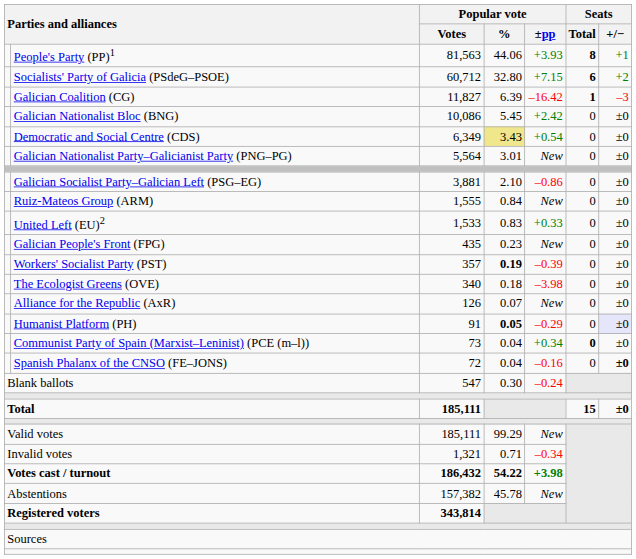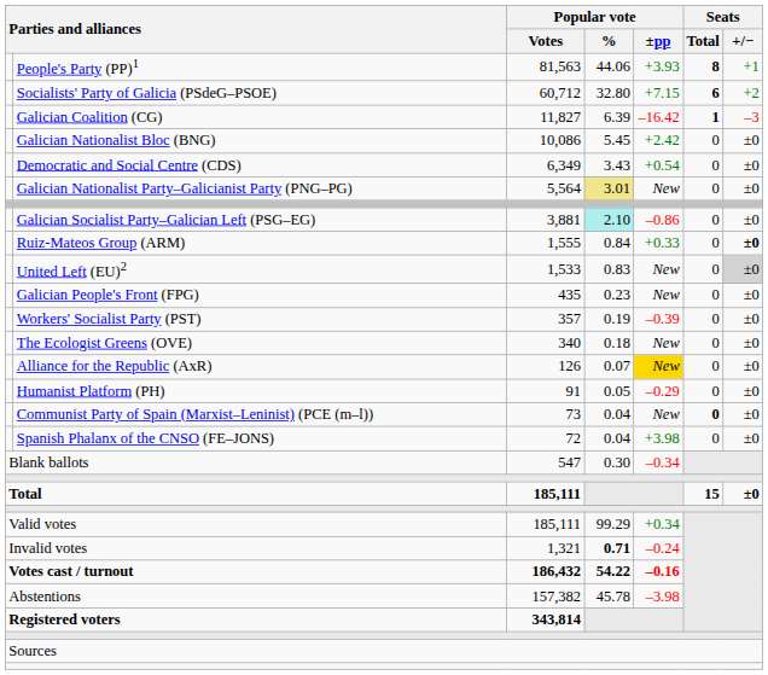 <table class="wikitable" style="text-align:right;">
 <tr>
 <th style="text-align:left;" rowspan="2" colspan="2" width="525">Parties and alliances</th>
 <th colspan="3">Popular vote</th>
 <th colspan="2">Seats</th>
 </tr>
 <tr>
 <th width="75">Votes</th>
 <th width="45">%</th>
 <th width="45">±<a href='#'>pp</a></th>
 <th width="35">Total</th>
 <th width="35">+/−</th>
 </tr>
 <tr>
 <td width="1" style="color:inherit;background:"></td>
 <td align="left"><a href='#'>People's Party</a> (PP)<sup>1</sup></td>
 <td>81,563</td>
 <td>44.06</td>
 <td style="color:green;">+3.93</td>
 <td><strong>8</strong></td>
 <td style="color:green;">+1</td>
 </tr>
 <tr>
 <td style="color:inherit;background:"></td>
 <td align="left"><a href='#'>Socialists' Party of Galicia</a> (PSdeG–PSOE)</td>
 <td>60,712</td>
 <td>32.80</td>
 <td style="color:green;">+7.15</td>
 <td><strong>6</strong></td>
 <td style="color:green;">+2</td>
 </tr>
 <tr>
 <td style="color:inherit;background:"></td>
 <td align="left"><a href='#'>Galician Coalition</a> (CG)</td>
 <td>11,827</td>
 <td>6.39</td>
 <td style="color:red;">–16.42</td>
 <td><strong>1</strong></td>
 <td style="color:red;">–3</td>
 </tr>
 <tr>
 <td style="color:inherit;background:"></td>
 <td align="left"><a href='#'>Galician Nationalist Bloc</a> (BNG)</td>
 <td>10,086</td>
 <td>5.45</td>
 <td style="color:green;">+2.42</td>
 <td>0</td>
 <td>±0</td>
 </tr>
 <tr>
 <td style="color:inherit;background:"></td>
 <td align="left"><a href='#'>Democratic and Social Centre</a> (CDS)</td>
 <td>6,349</td>
-<td style="background: khaki;">3.43</td>
+<td>3.43</td>
 <td style="color:green;">+0.54</td>
 <td>0</td>
 <td>±0</td>
 </tr>
 <tr>
 <td style="color:inherit;background:"></td>
 <td align="left"><a href='#'>Galician Nationalist Party–Galicianist Party</a> (PNG–PG)</td>
 <td>5,564</td>
-<td>3.01</td>
+<td style="background: khaki;">3.01</td>
 <td><em>New</em></td>
 <td>0</td>
 <td>±0</td>
 </tr>
 <tr>
 <td colspan="7" bgcolor="#C0C0C0"></td>
 </tr>
 <tr>
 <td style="color:inherit;background:"></td>
 <td align="left"><a href='#'>Galician Socialist Party–Galician Left</a> (PSG–EG)</td>
 <td>3,881</td>
-<td>2.10</td>
+<td style="background: paleturquoise;">2.10</td>
 <td style="color:red;">–0.86</td>
 <td>0</td>
 <td>±0</td>
 </tr>
 <tr>
 <td style="color:inherit;background:"></td>
 <td align="left"><a href='#'>Ruiz-Mateos Group</a> (ARM)</td>
 <td>1,555</td>
 <td>0.84</td>
-<td><em>New</em></td>
+<td style="color:green;">+0.33</td>
 <td>0</td>
-<td>±0</td>
+<td><strong>±0</strong></td>
 </tr>
 <tr>
 <td style="color:inherit;background:"></td>
 <td align="left"><a href='#'>United Left</a> (EU)<sup>2</sup></td>
 <td>1,533</td>
 <td>0.83</td>
-<td style="color:green;">+0.33</td>
+<td><em>New</em></td>
 <td>0</td>
-<td>±0</td>
+<td style="background: lightgrey;">±0</td>
 </tr>
 <tr>
 <td style="color:inherit;background:"></td>
 <td align="left"><a href='#'>Galician People's Front</a> (FPG)</td>
 <td>435</td>
 <td>0.23</td>
 <td><em>New</em></td>
 <td>0</td>
 <td>±0</td>
 </tr>
 <tr>
 <td style="color:inherit;background:"></td>
 <td align="left"><a href='#'>Workers' Socialist Party</a> (PST)</td>
 <td>357</td>
-<td><strong>0.19</strong></td>
+<td>0.19</td>
 <td style="color:red;">–0.39</td>
 <td>0</td>
 <td>±0</td>
 </tr>
 <tr>
 <td style="color:inherit;background:"></td>
 <td align="left"><a href='#'>The Ecologist Greens</a> (OVE)</td>
 <td>340</td>
 <td>0.18</td>
-<td style="color:red;">–3.98</td>
+<td><em>New</em></td>
 <td>0</td>
 <td>±0</td>
 </tr>
 <tr>
 <td style="color:inherit;background:"></td>
 <td align="left"><a href='#'>Alliance for the Republic</a> (AxR)</td>
 <td>126</td>
 <td>0.07</td>
-<td><em>New</em></td>
+<td style="background: gold;"><em>New</em></td>
 <td>0</td>
 <td>±0</td>
 </tr>
 <tr>
 <td style="color:inherit;background:"></td>
 <td align="left"><a href='#'>Humanist Platform</a> (PH)</td>
 <td>91</td>
-<td><strong>0.05</strong></td>
+<td>0.05</td>
 <td style="color:red;">–0.29</td>
 <td>0</td>
-<td style="background: lavender;">±0</td>
+<td>±0</td>
 </tr>
 <tr>
 <td style="color:inherit;background:"></td>
 <td align="left"><a href='#'>Communist Party of Spain (Marxist–Leninist)</a> (PCE (m–l))</td>
 <td>73</td>
 <td>0.04</td>
-<td style="color:green;">+0.34</td>
+<td><em>New</em></td>
 <td><strong>0</strong></td>
 <td>±0</td>
 </tr>
 <tr>
 <td style="color:inherit;background:"></td>
 <td align="left"><a href='#'>Spanish Phalanx of the CNSO</a> (FE–JONS)</td>
 <td>72</td>
 <td>0.04</td>
-<td style="color:red;">–0.16</td>
+<td style="color:green;">+3.98</td>
 <td>0</td>
-<td><strong>±0</strong></td>
+<td>±0</td>
 </tr>
 <tr>
 <td align="left" colspan="2">Blank ballots</td>
 <td>547</td>
 <td>0.30</td>
-<td style="color:red;">–0.24</td>
+<td style="color:red;">–0.34</td>
 <td bgcolor="#E9E9E9" colspan="2"></td>
 </tr>
 <tr>
 <td colspan="7" bgcolor="#E9E9E9"></td>
 </tr>
 <tr style="font-weight:bold;">
 <td align="left" colspan="2">Total</td>
 <td>185,111</td>
 <td bgcolor="#E9E9E9" colspan="2"></td>
 <td>15</td>
 <td>±0</td>
 </tr>
 <tr>
 <td colspan="7" bgcolor="#E9E9E9"></td>
 </tr>
 <tr>
 <td align="left" colspan="2">Valid votes</td>
 <td>185,111</td>
 <td>99.29</td>
-<td><em>New</em></td>
+<td style="color:green;">+0.34</td>
 <td bgcolor="#E9E9E9" colspan="7" rowspan="5"></td>
 </tr>
 <tr>
 <td align="left" colspan="2">Invalid votes</td>
 <td>1,321</td>
-<td>0.71</td>
-<td style="color:red;">–0.34</td>
+<td><strong>0.71</strong></td>
+<td style="color:red;">–0.24</td>
 </tr>
 <tr style="font-weight:bold;">
 <td align="left" colspan="2">Votes cast / turnout</td>
 <td>186,432</td>
 <td>54.22</td>
-<td style="color:green;">+3.98</td>
+<td style="color:red;">–0.16</td>
 </tr>
 <tr>
 <td align="left" colspan="2">Abstentions</td>
 <td>157,382</td>
 <td>45.78</td>
-<td><em>New</em></td>
+<td style="color:red;">–3.98</td>
 </tr>
 <tr style="font-weight:bold;">
 <td align="left" colspan="2">Registered voters</td>
 <td>343,814</td>
 <td bgcolor="#E9E9E9" colspan="2"></td>
 </tr>
 <tr>
 <td colspan="7" bgcolor="#E9E9E9"></td>
 </tr>
 <tr>
 <td align="left" colspan="7">Sources</td>
 </tr>
 <tr>
 <td colspan="7" style="text-align:left; max-width:790px;"></td>
 </tr>
 </table>
